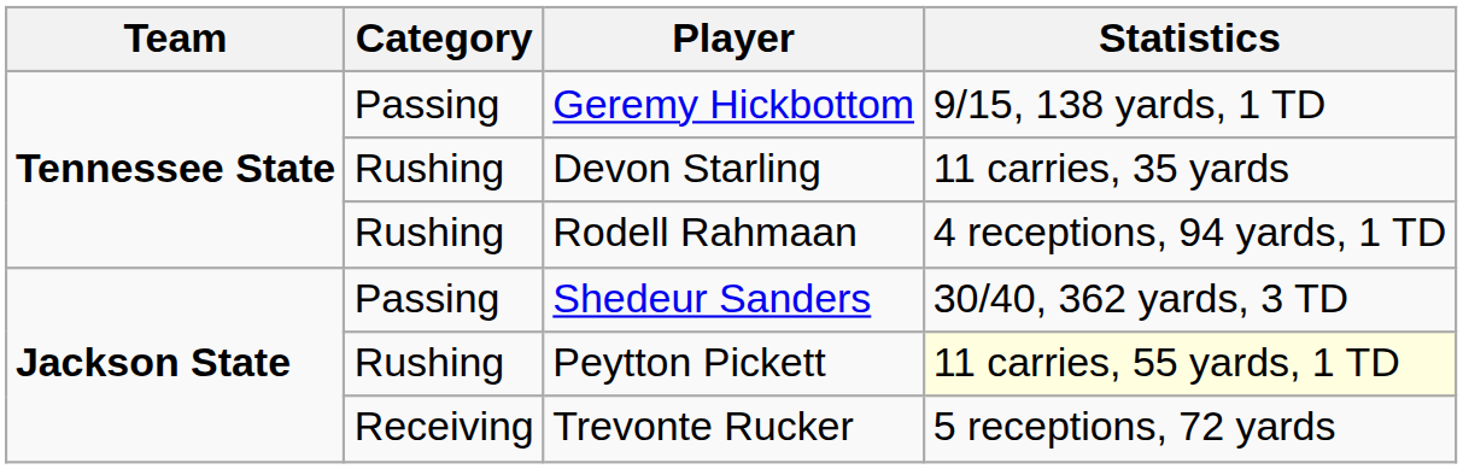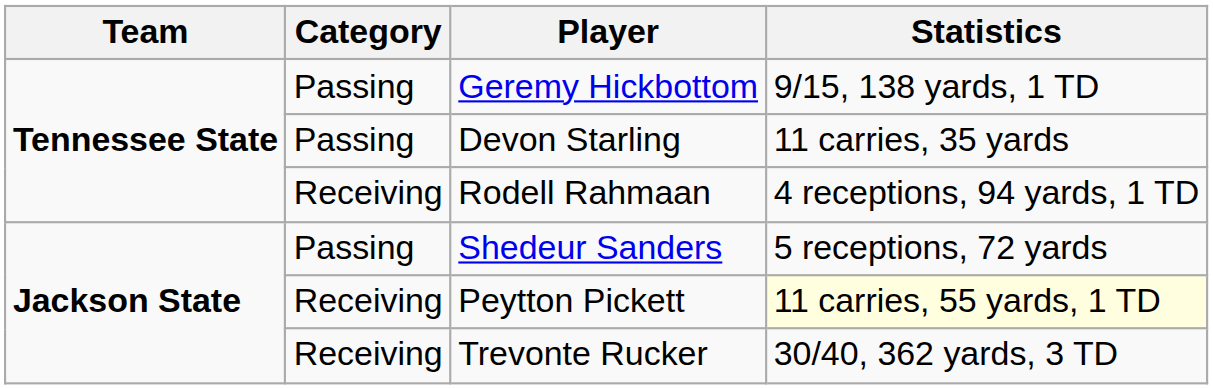 <table class="wikitable" style="float: left;">
 <tr>
 <th>Team</th>
 <th>Category</th>
 <th>Player</th>
 <th>Statistics</th>
 </tr>
 <tr>
 <td rowspan=3><strong>Tennessee State</strong></td>
 <td>Passing</td>
 <td><a href='#'>Geremy Hickbottom</a></td>
 <td>9/15, 138 yards, 1 TD</td>
 </tr>
 <tr>
-<td>Rushing</td>
+<td>Passing</td>
 <td>Devon Starling</td>
 <td>11 carries, 35 yards</td>
 </tr>
 <tr>
-<td>Rushing</td>
+<td>Receiving</td>
 <td>Rodell Rahmaan</td>
 <td>4 receptions, 94 yards, 1 TD</td>
 </tr>
 <tr>
 <td rowspan=3><strong>Jackson State</strong></td>
 <td>Passing</td>
 <td><a href='#'>Shedeur Sanders</a></td>
-<td>30/40, 362 yards, 3 TD</td>
+<td>5 receptions, 72 yards</td>
 </tr>
 <tr>
-<td>Rushing</td>
+<td>Receiving</td>
 <td>Peytton Pickett</td>
 <td style="background: lightyellow;">11 carries, 55 yards, 1 TD</td>
 </tr>
 <tr>
 <td>Receiving</td>
 <td>Trevonte Rucker</td>
-<td>5 receptions, 72 yards</td>
+<td>30/40, 362 yards, 3 TD</td>
 </tr>
 </table>
